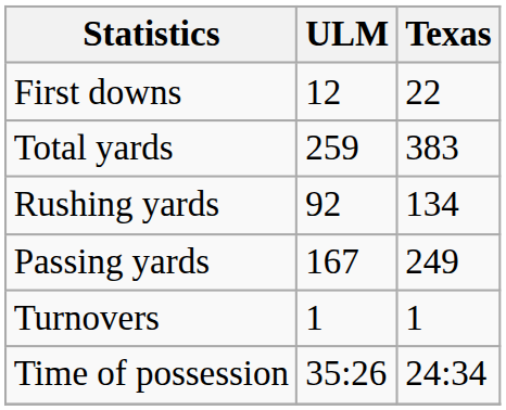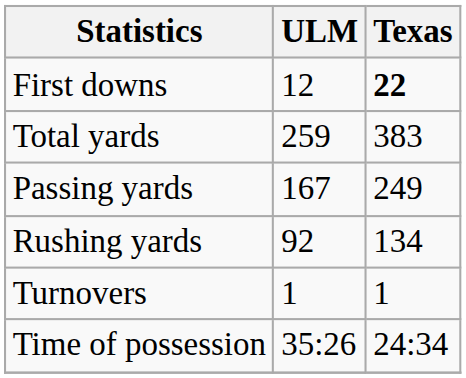 <table class="wikitable" style="float: left;">
 <tr>
 <th>Statistics</th>
 <th>ULM</th>
 <th>Texas</th>
 </tr>
 <tr>
 <td>First downs</td>
 <td>12</td>
-<td>22</td>
+<td><strong>22</strong></td>
 </tr>
 <tr>
 <td>Total yards</td>
 <td>259</td>
 <td>383</td>
 </tr>
 <tr>
+<td>Passing yards</td>
+<td>167</td>
+<td>249</td>
+</tr>
+<tr>
 <td>Rushing yards</td>
 <td>92</td>
 <td>134</td>
-</tr>
-<tr>
-<td>Passing yards</td>
-<td>167</td>
-<td>249</td>
 </tr>
 <tr>
 <td>Turnovers</td>
 <td>1</td>
 <td>1</td>
 </tr>
 <tr>
 <td>Time of possession</td>
 <td>35:26</td>
 <td>24:34</td>
 </tr>
 <tr>
 </tr>
 </table>
